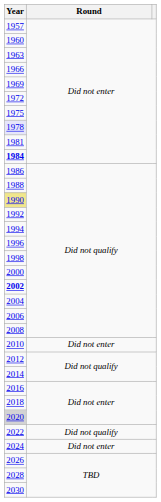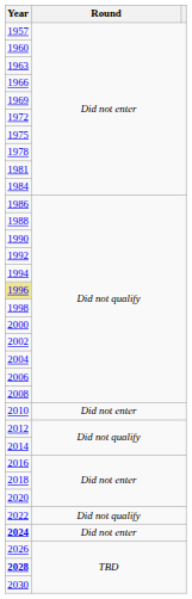 <table class="wikitable" style="text-align: center; font-size:90%">
 <tr>
 <th>Year</th>
 <th style="width:200px">Round</th>
 <th></th>
 </tr>
 <tr>
 <td><a href='#'>1957</a></td>
 <td colspan="2" rowspan="10"><em>Did not enter</em></td>
 </tr>
 <tr>
 <td><a href='#'>1960</a></td>
 </tr>
 <tr>
 <td><a href='#'>1963</a></td>
 </tr>
 <tr>
 <td><a href='#'>1966</a></td>
 </tr>
 <tr>
 <td><a href='#'>1969</a></td>
 </tr>
 <tr>
 <td><a href='#'>1972</a></td>
 </tr>
 <tr>
 <td><a href='#'>1975</a></td>
 </tr>
 <tr>
-<td style="background: lavender;"><a href='#'>1978</a></td>
+<td><a href='#'>1978</a></td>
 </tr>
 <tr>
 <td><a href='#'>1981</a></td>
 </tr>
 <tr>
-<td><strong><a href='#'>1984</a></strong></td>
+<td><a href='#'>1984</a></td>
 </tr>
 <tr>
 <td><a href='#'>1986</a></td>
 <td colspan="2" rowspan="12"><em>Did not qualify</em></td>
 </tr>
 <tr>
 <td><a href='#'>1988</a></td>
 </tr>
 <tr>
-<td style="background: khaki;"><a href='#'>1990</a></td>
+<td><a href='#'>1990</a></td>
 </tr>
 <tr>
 <td><a href='#'>1992</a></td>
 </tr>
 <tr>
 <td><a href='#'>1994</a></td>
 </tr>
 <tr>
-<td><a href='#'>1996</a></td>
+<td style="background: khaki;"><a href='#'>1996</a></td>
 </tr>
 <tr>
 <td><a href='#'>1998</a></td>
 </tr>
 <tr>
 <td><a href='#'>2000</a></td>
 </tr>
 <tr>
-<td><strong><a href='#'>2002</a></strong></td>
+<td><a href='#'>2002</a></td>
 </tr>
 <tr>
 <td><a href='#'>2004</a></td>
 </tr>
 <tr>
 <td><a href='#'>2006</a></td>
 </tr>
 <tr>
 <td><a href='#'>2008</a></td>
 </tr>
 <tr>
 <td><a href='#'>2010</a></td>
 <td colspan="2"><em>Did not enter</em></td>
 </tr>
 <tr>
 <td><a href='#'>2012</a></td>
 <td colspan="2" rowspan="2"><em>Did not qualify</em></td>
 </tr>
 <tr>
 <td><a href='#'>2014</a></td>
 </tr>
 <tr>
 <td><a href='#'>2016</a></td>
 <td colspan="2" rowspan="3"><em>Did not enter</em></td>
 </tr>
 <tr>
 <td><a href='#'>2018</a></td>
 </tr>
 <tr>
-<td style="background: lightgrey;"><a href='#'>2020</a></td>
+<td><a href='#'>2020</a></td>
 </tr>
 <tr>
 <td><a href='#'>2022</a></td>
 <td colspan="2"><em>Did not qualify</em></td>
 </tr>
 <tr>
-<td><a href='#'>2024</a></td>
+<td><strong><a href='#'>2024</a></strong></td>
 <td colspan="2"><em>Did not enter</em></td>
 </tr>
 <tr>
 <td><a href='#'>2026</a></td>
 <td colspan="2" rowspan="3"><em>TBD</em></td>
 </tr>
 <tr>
-<td><a href='#'>2028</a></td>
+<td><strong><a href='#'>2028</a></strong></td>
 </tr>
 <tr>
 <td><a href='#'>2030</a></td>
 </tr>
 </table>
